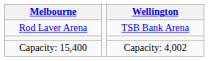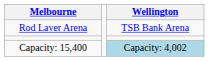 <table class=wikitable align="center" style="text-align:center;">
 <tr>
 <th width=150px><a href='#'>Melbourne</a></th>
 <td rowspan=4></td>
 <th width=150px><a href='#'>Wellington</a></th>
 </tr>
 <tr>
 <td><a href='#'>Rod Laver Arena</a></td>
 <td><a href='#'>TSB Bank Arena</a></td>
 </tr>
 <tr>
 <td></td>
 <td></td>
 </tr>
 <tr>
 <td>Capacity: 15,400</td>
-<td>Capacity: 4,002</td>
+<td style="background: lightblue;">Capacity: 4,002</td>
 </tr>
 </table>
